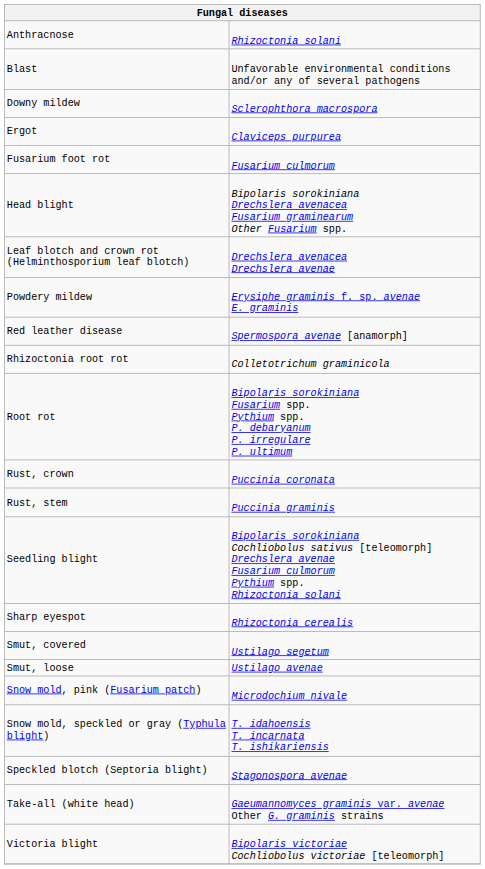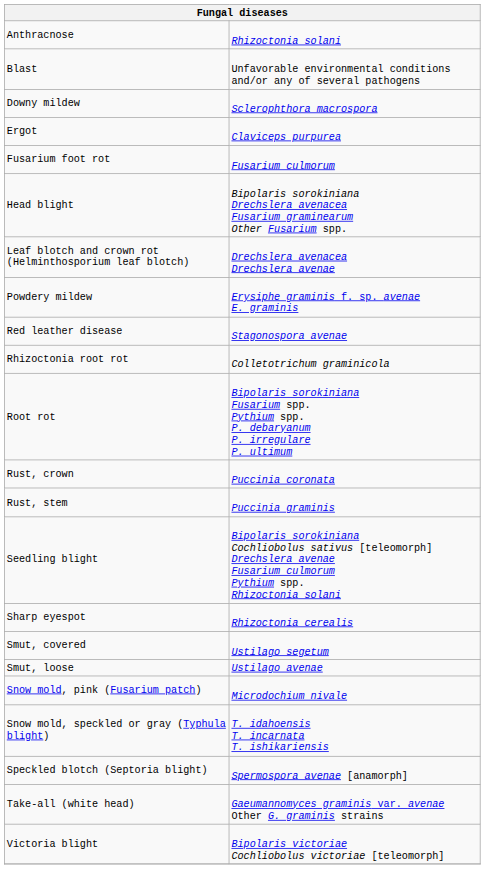 <table class="wikitable" style="clear">
 <tr>
 <th colspan=2><strong>Fungal diseases</strong><br></th>
 </tr>
 <tr>
 <td>Anthracnose</td>
 <td><br><em><a href='#'>Rhizoctonia solani</a></em><br></td>
 </tr>
 <tr>
 <td>Blast</td>
 <td><br>Unfavorable environmental conditions and/or any of several pathogens</td>
 </tr>
 <tr>
 <td>Downy mildew</td>
 <td><br><em><a href='#'>Sclerophthora macrospora</a></em></td>
 </tr>
 <tr>
 <td>Ergot</td>
 <td><br><em><a href='#'>Claviceps purpurea</a></em><br></td>
 </tr>
 <tr>
 <td>Fusarium foot rot</td>
 <td><br><em><a href='#'>Fusarium culmorum</a></em></td>
 </tr>
 <tr>
 <td>Head blight</td>
 <td><br><em>Bipolaris sorokiniana</em><br><em><a href='#'>Drechslera avenacea</a></em><br> <em><a href='#'>Fusarium graminearum</a></em><br><em>Other <a href='#'>Fusarium</a></em> spp.</td>
 </tr>
 <tr>
 <td>Leaf blotch and crown rot (Helminthosporium leaf blotch)</td>
 <td><br><em><a href='#'>Drechslera avenacea</a></em> <br><em><a href='#'>Drechslera avenae</a></em> <br></td>
 </tr>
 <tr>
 <td>Powdery mildew</td>
 <td><br><a href='#'><em>Erysiphe graminis</em> f. sp. <em>avenae</em></a><br> <em><a href='#'>E. graminis</a></em><br></td>
 </tr>
 <tr>
 <td>Red leather disease</td>
-<td><br><em><a href='#'>Spermospora avenae</a></em> [anamorph]<br></td>
+<td><br><em><a href='#'>Stagonospora avenae</a></em> <br></td>
 </tr>
 <tr>
 <td>Rhizoctonia root rot</td>
 <td><br><em>Colletotrichum graminicola</em><br></td>
 </tr>
 <tr>
 <td>Root rot</td>
 <td><br><em><a href='#'>Bipolaris sorokiniana</a></em><br><em><a href='#'>Fusarium</a></em> spp. <br> <em><a href='#'>Pythium</a></em> spp. <br> <em><a href='#'>P. debaryanum</a></em><br> <em><a href='#'>P. irregulare</a></em><br> <em><a href='#'>P. ultimum</a></em></td>
 </tr>
 <tr>
 <td>Rust, crown</td>
 <td><br><em><a href='#'>Puccinia coronata</a></em></td>
 </tr>
 <tr>
 <td>Rust, stem</td>
 <td><br><em><a href='#'>Puccinia graminis</a></em></td>
 </tr>
 <tr>
 <td>Seedling blight</td>
 <td><br><em><a href='#'>Bipolaris sorokiniana</a></em><br> <em>Cochliobolus sativus</em> [teleomorph]<br> <em><a href='#'>Drechslera avenae</a></em><br> <em><a href='#'>Fusarium culmorum</a></em><br> <em><a href='#'>Pythium</a></em> spp. <br> <em><a href='#'>Rhizoctonia solani</a></em></td>
 </tr>
 <tr>
 <td>Sharp eyespot</td>
 <td><br><em><a href='#'>Rhizoctonia cerealis</a></em><br></td>
 </tr>
 <tr>
 <td>Smut, covered</td>
 <td><br><em><a href='#'>Ustilago segetum</a></em> <br></td>
 </tr>
 <tr>
 <td>Smut, loose</td>
 <td><em><a href='#'>Ustilago avenae</a></em></td>
 </tr>
 <tr>
 <td><a href='#'>Snow mold</a>, pink (<a href='#'>Fusarium patch</a>)</td>
 <td><br><em><a href='#'>Microdochium nivale</a></em> <br></td>
 </tr>
 <tr>
 <td>Snow mold, speckled or gray (<a href='#'>Typhula blight</a>)</td>
 <td><br><em><a href='#'>T. idahoensis</a></em><br> <em><a href='#'>T. incarnata</a></em><br> <em><a href='#'>T. ishikariensis</a></em></td>
 </tr>
 <tr>
 <td>Speckled blotch (Septoria blight)</td>
-<td><br><em><a href='#'>Stagonospora avenae</a></em> <br></td>
+<td><br><em><a href='#'>Spermospora avenae</a></em> [anamorph]<br></td>
 </tr>
 <tr>
 <td>Take-all (white head)</td>
 <td><br><a href='#'><em>Gaeumannomyces graminis</em> var. <em>avenae</em></a><br> Other <em><a href='#'>G. graminis</a></em> strains</td>
 </tr>
 <tr>
 <td>Victoria blight</td>
 <td><br><em><a href='#'>Bipolaris victoriae</a></em> <br> <em>Cochliobolus victoriae</em> [teleomorph]</td>
 </tr>
 <tr>
 </tr>
 </table>
